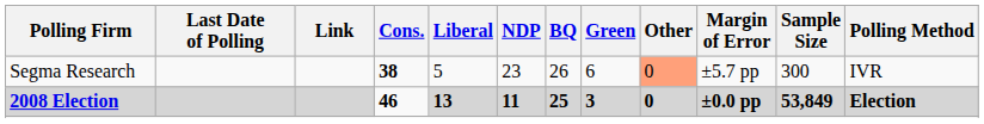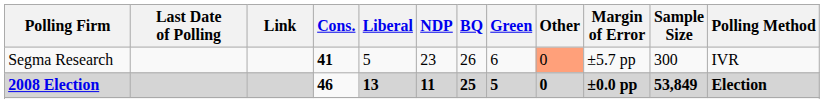 <table class="wikitable sortable">
 <tr style="background:#e9e9e9;">
 <th style="width:120px">Polling Firm</th>
 <th style="width:110px">Last Date<br>of Polling</th>
 <th style="width:60px" class="unsortable">Link</th>
 <th style="background-color:"><strong><a href='#'>Cons.</a></strong></th>
 <th style="background-color:"><strong><a href='#'>Liberal</a></strong></th>
 <th style="background-color:"><strong><a href='#'>NDP</a></strong></th>
 <th style="background-color:"><strong><a href='#'>BQ</a></strong></th>
 <th style="background-color:"><strong><a href='#'>Green</a></strong></th>
 <th style="background-color:"><strong>Other</strong></th>
 <th style="width:60px;" class=unsortable>Margin<br>of Error</th>
 <th style="width:50px;" class=unsortable>Sample<br>Size</th>
 <th class=unsortable>Polling Method</th>
 </tr>
 <tr>
 <td>Segma Research</td>
 <td></td>
 <td></td>
-<td><strong>38</strong></td>
+<td><strong>41</strong></td>
 <td>5</td>
 <td>23</td>
 <td>26</td>
 <td>6</td>
 <td style="background: lightsalmon;">0</td>
 <td>±5.7 pp</td>
 <td>300</td>
 <td>IVR</td>
 </tr>
 <tr>
 <td style="background:#D5D5D5"><strong><a href='#'>2008 Election</a></strong></td>
 <td style="background:#D5D5D5"><strong></strong></td>
 <td style="background:#D5D5D5"></td>
 <td><strong>46</strong></td>
 <td style="background:#D5D5D5"><strong>13</strong></td>
 <td style="background:#D5D5D5"><strong>11</strong></td>
 <td style="background:#D5D5D5"><strong>25</strong></td>
-<td style="background:#D5D5D5"><strong>3</strong></td>
+<td style="background:#D5D5D5"><strong>5</strong></td>
 <td style="background:#D5D5D5"><strong>0</strong></td>
 <td style="background:#D5D5D5"><strong>±0.0 pp</strong></td>
 <td style="background:#D5D5D5"><strong>53,849</strong></td>
 <td style="background:#D5D5D5"><strong>Election</strong></td>
 </tr>
 <tr>
 </tr>
 <tr>
 </tr>
 </table>
